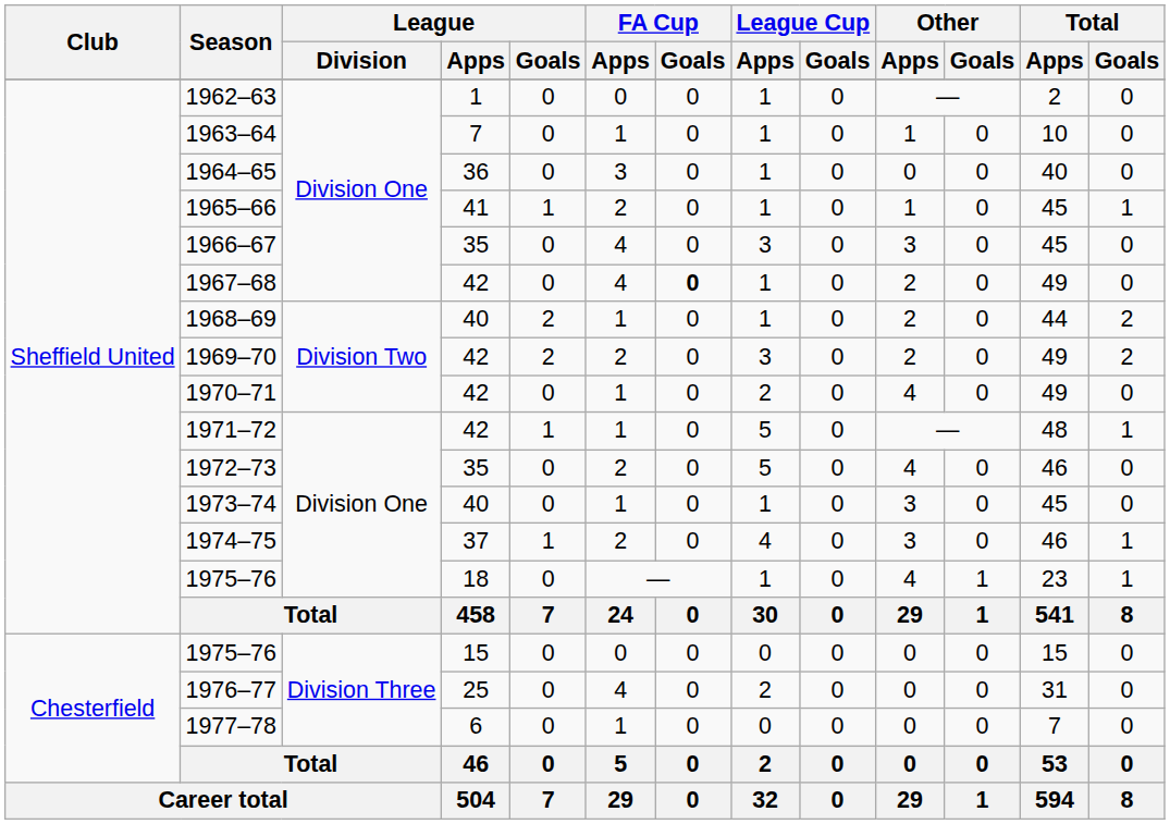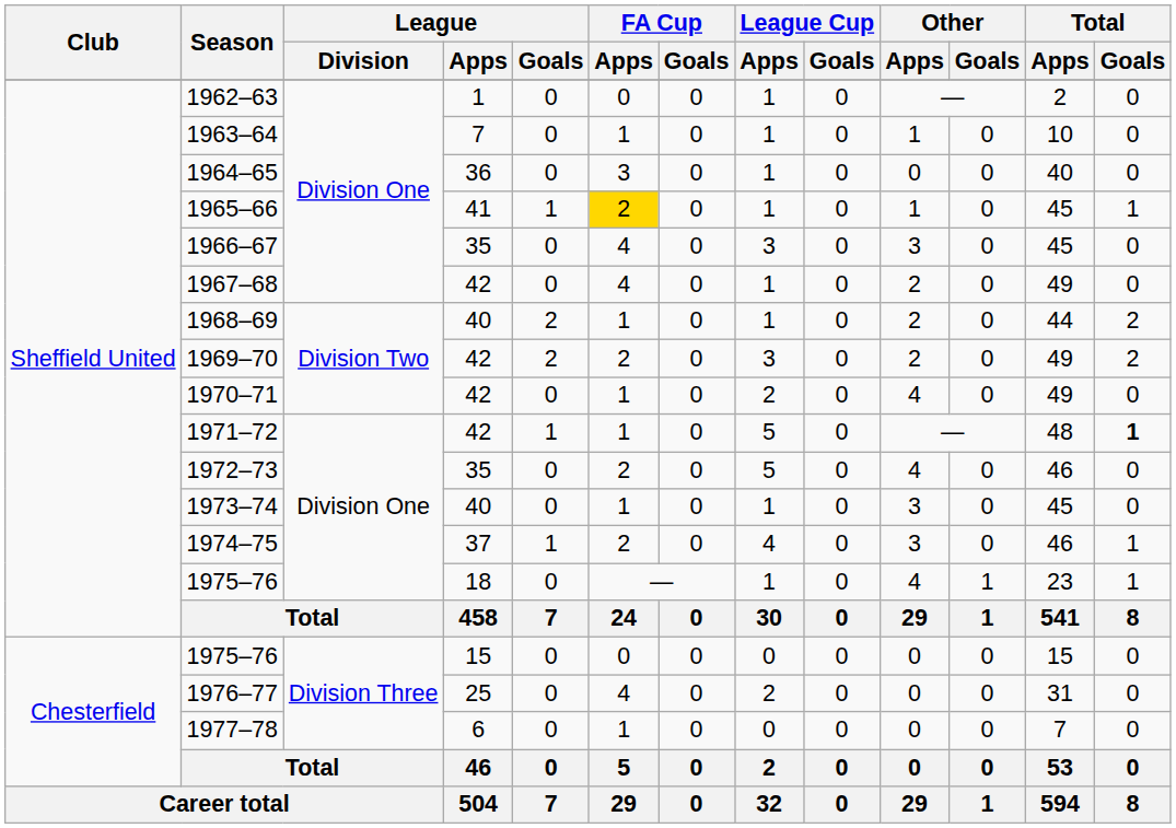 <table class="wikitable" style="text-align:center">
 <tr>
 <th rowspan="2">Club</th>
 <th rowspan="2">Season</th>
 <th colspan="3">League</th>
 <th colspan="2"><a href='#'>FA Cup</a></th>
 <th colspan="2"><a href='#'>League Cup</a></th>
 <th colspan="2">Other</th>
 <th colspan="2">Total</th>
 </tr>
 <tr>
 <th>Division</th>
 <th>Apps</th>
 <th>Goals</th>
 <th>Apps</th>
 <th>Goals</th>
 <th>Apps</th>
 <th>Goals</th>
 <th>Apps</th>
 <th>Goals</th>
 <th>Apps</th>
 <th>Goals</th>
 </tr>
 <tr>
 </tr>
 <tr>
 <td rowspan="15"><a href='#'>Sheffield United</a></td>
 <td>1962–63</td>
 <td rowspan="6"><a href='#'>Division One</a></td>
 <td>1</td>
 <td>0</td>
 <td>0</td>
 <td>0</td>
 <td>1</td>
 <td>0</td>
 <td colspan="2">—</td>
 <td>2</td>
 <td>0</td>
 </tr>
 <tr>
 <td>1963–64</td>
 <td>7</td>
 <td>0</td>
 <td>1</td>
 <td>0</td>
 <td>1</td>
 <td>0</td>
 <td>1</td>
 <td>0</td>
 <td>10</td>
 <td>0</td>
 </tr>
 <tr>
 <td>1964–65</td>
 <td>36</td>
 <td>0</td>
 <td>3</td>
 <td>0</td>
 <td>1</td>
 <td>0</td>
 <td>0</td>
 <td>0</td>
 <td>40</td>
 <td>0</td>
 </tr>
 <tr>
 <td>1965–66</td>
 <td>41</td>
 <td>1</td>
-<td>2</td>
+<td style="background: gold;">2</td>
 <td>0</td>
 <td>1</td>
 <td>0</td>
 <td>1</td>
 <td>0</td>
 <td>45</td>
 <td>1</td>
 </tr>
 <tr>
 <td>1966–67</td>
 <td>35</td>
 <td>0</td>
 <td>4</td>
 <td>0</td>
 <td>3</td>
 <td>0</td>
 <td>3</td>
 <td>0</td>
 <td>45</td>
 <td>0</td>
 </tr>
 <tr>
 <td>1967–68</td>
 <td>42</td>
 <td>0</td>
 <td>4</td>
-<td><strong>0</strong></td>
+<td>0</td>
 <td>1</td>
 <td>0</td>
 <td>2</td>
 <td>0</td>
 <td>49</td>
 <td>0</td>
 </tr>
 <tr>
 <td>1968–69</td>
 <td rowspan="3"><a href='#'>Division Two</a></td>
 <td>40</td>
 <td>2</td>
 <td>1</td>
 <td>0</td>
 <td>1</td>
 <td>0</td>
 <td>2</td>
 <td>0</td>
 <td>44</td>
 <td>2</td>
 </tr>
 <tr>
 <td>1969–70</td>
 <td>42</td>
 <td>2</td>
 <td>2</td>
 <td>0</td>
 <td>3</td>
 <td>0</td>
 <td>2</td>
 <td>0</td>
 <td>49</td>
 <td>2</td>
 </tr>
 <tr>
 <td>1970–71</td>
 <td>42</td>
 <td>0</td>
 <td>1</td>
 <td>0</td>
 <td>2</td>
 <td>0</td>
 <td>4</td>
 <td>0</td>
 <td>49</td>
 <td>0</td>
 </tr>
 <tr>
 <td>1971–72</td>
 <td rowspan="5">Division One</td>
 <td>42</td>
 <td>1</td>
 <td>1</td>
 <td>0</td>
 <td>5</td>
 <td>0</td>
 <td colspan="2">—</td>
 <td>48</td>
-<td>1</td>
+<td><strong>1</strong></td>
 </tr>
 <tr>
 <td>1972–73</td>
 <td>35</td>
 <td>0</td>
 <td>2</td>
 <td>0</td>
 <td>5</td>
 <td>0</td>
 <td>4</td>
 <td>0</td>
 <td>46</td>
 <td>0</td>
 </tr>
 <tr>
 <td>1973–74</td>
 <td>40</td>
 <td>0</td>
 <td>1</td>
 <td>0</td>
 <td>1</td>
 <td>0</td>
 <td>3</td>
 <td>0</td>
 <td>45</td>
 <td>0</td>
 </tr>
 <tr>
 <td>1974–75</td>
 <td>37</td>
 <td>1</td>
 <td>2</td>
 <td>0</td>
 <td>4</td>
 <td>0</td>
 <td>3</td>
 <td>0</td>
 <td>46</td>
 <td>1</td>
 </tr>
 <tr>
 <td>1975–76</td>
 <td>18</td>
 <td>0</td>
 <td colspan="2">—</td>
 <td>1</td>
 <td>0</td>
 <td>4</td>
 <td>1</td>
 <td>23</td>
 <td>1</td>
 </tr>
 <tr>
 <th colspan="2">Total</th>
 <th>458</th>
 <th>7</th>
 <th>24</th>
 <th>0</th>
 <th>30</th>
 <th>0</th>
 <th>29</th>
 <th>1</th>
 <th>541</th>
 <th>8</th>
 </tr>
 <tr>
 <td rowspan="4"><a href='#'>Chesterfield</a></td>
 <td>1975–76</td>
 <td rowspan="3"><a href='#'>Division Three</a></td>
 <td>15</td>
 <td>0</td>
 <td>0</td>
 <td>0</td>
 <td>0</td>
 <td>0</td>
 <td>0</td>
 <td>0</td>
 <td>15</td>
 <td>0</td>
 </tr>
 <tr>
 <td>1976–77</td>
 <td>25</td>
 <td>0</td>
 <td>4</td>
 <td>0</td>
 <td>2</td>
 <td>0</td>
 <td>0</td>
 <td>0</td>
 <td>31</td>
 <td>0</td>
 </tr>
 <tr>
 <td>1977–78</td>
 <td>6</td>
 <td>0</td>
 <td>1</td>
 <td>0</td>
 <td>0</td>
 <td>0</td>
 <td>0</td>
 <td>0</td>
 <td>7</td>
 <td>0</td>
 </tr>
 <tr>
 <th colspan="2">Total</th>
 <th>46</th>
 <th>0</th>
 <th>5</th>
 <th>0</th>
 <th>2</th>
 <th>0</th>
 <th>0</th>
 <th>0</th>
 <th>53</th>
 <th>0</th>
 </tr>
 <tr>
 <th colspan="3">Career total</th>
 <th>504</th>
 <th>7</th>
 <th>29</th>
 <th>0</th>
 <th>32</th>
 <th>0</th>
 <th>29</th>
 <th>1</th>
 <th>594</th>
 <th>8</th>
 </tr>
 </table>
